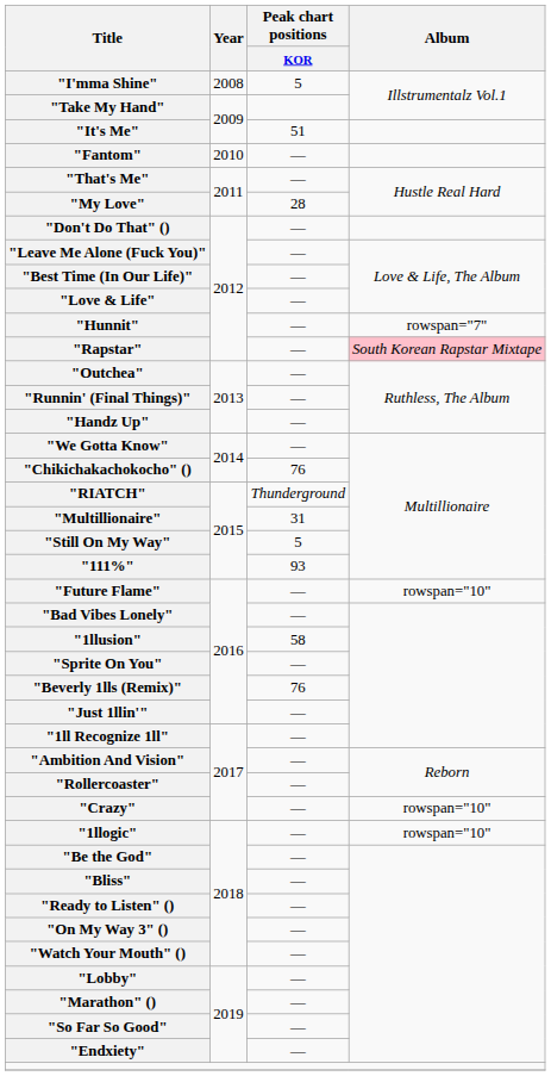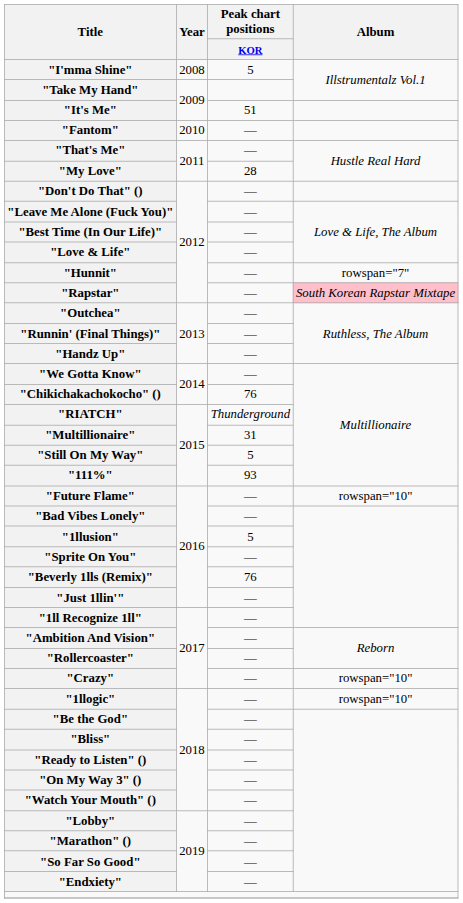 <table class="wikitable plainrowheaders" style="text-align:center">
 <tr>
 <th rowspan="2" scope="col">Title</th>
 <th rowspan="2" scope="col">Year</th>
 <th colspan="1" scope="col" style="width:5em;">Peak chart positions</th>
 <th rowspan="2" scope="col">Album</th>
 </tr>
 <tr>
 <th><small><a href='#'>KOR</a></small><br></th>
 </tr>
 <tr>
 <th scope="row">"I'mma Shine"<br></th>
 <td>2008</td>
 <td>5</td>
 <td rowspan="2"><em>Illstrumentalz Vol.1</em></td>
 </tr>
 <tr>
 <th scope="row">"Take My Hand"<br></th>
 <td rowspan="2">2009</td>
 </tr>
 <tr>
 <th scope="row">"It's Me"<br></th>
 <td>51</td>
 </tr>
 <tr>
 <th scope="row">"Fantom"<br></th>
 <td>2010</td>
 <td>—</td>
 <td></td>
 </tr>
 <tr>
 <th scope="row">"That's Me"<br></th>
 <td rowspan="2">2011</td>
 <td>—</td>
 <td rowspan="2"><em>Hustle Real Hard</em></td>
 </tr>
 <tr>
 <th scope="row">"My Love"<br></th>
 <td>28</td>
 </tr>
 <tr>
 <th scope="row">"Don't Do That" ()<br></th>
 <td rowspan="6">2012</td>
 <td>—</td>
 <td></td>
 </tr>
 <tr>
 <th scope="row">"Leave Me Alone (Fuck You)"</th>
 <td>—</td>
 <td rowspan="3"><em>Love & Life, The Album</em></td>
 </tr>
 <tr>
 <th scope="row">"Best Time (In Our Life)"</th>
 <td>—</td>
 </tr>
 <tr>
 <th scope="row">"Love & Life"<br></th>
 <td>—</td>
 </tr>
 <tr>
 <th scope="row">"Hunnit"<br></th>
 <td>—</td>
 <td>rowspan="7" </td>
 </tr>
 <tr>
 <th scope="row">"Rapstar"</th>
 <td>—</td>
 <td style="background: pink;"><em>South Korean Rapstar Mixtape</em></td>
 </tr>
 <tr>
 <th scope="row">"Outchea"</th>
 <td rowspan="3">2013</td>
 <td>—</td>
 <td rowspan="3"><em>Ruthless, The Album</em></td>
 </tr>
 <tr>
 <th scope="row">"Runnin' (Final Things)"</th>
 <td>—</td>
 </tr>
 <tr>
 <th scope="row">"Handz Up"<br></th>
 <td>—</td>
 </tr>
 <tr>
 <th scope="row">"We Gotta Know"</th>
 <td rowspan="2">2014</td>
 <td>—</td>
 <td rowspan="6"><em>Multillionaire</em></td>
 </tr>
 <tr>
 <th scope="row">"Chikichakachokocho" ()</th>
 <td>76</td>
 </tr>
 <tr>
 <th scope="row">"RIATCH"</th>
 <td rowspan="4">2015</td>
 <td><em>Thunderground</em></td>
 </tr>
 <tr>
 <th scope="row">"Multillionaire"</th>
 <td>31</td>
 </tr>
 <tr>
 <th scope="row">"Still On My Way"<br></th>
 <td>5</td>
 </tr>
 <tr>
 <th scope="row">"111%"</th>
 <td>93</td>
 </tr>
 <tr>
 <th scope="row">"Future Flame"</th>
 <td rowspan="6">2016</td>
 <td>—</td>
 <td>rowspan="10" </td>
 </tr>
 <tr>
 <th scope="row">"Bad Vibes Lonely"<br></th>
 <td>—</td>
 </tr>
 <tr>
 <th scope="row">"1llusion"</th>
-<td>58</td>
+<td>5</td>
 </tr>
 <tr>
 <th scope="row">"Sprite On You"</th>
 <td>—</td>
 </tr>
 <tr>
 <th scope="row">"Beverly 1lls (Remix)"<br></th>
 <td>76</td>
 </tr>
 <tr>
 <th scope="row">"Just 1llin'"</th>
 <td>—</td>
 </tr>
 <tr>
 <th scope="row">"1ll Recognize 1ll"</th>
 <td rowspan="4">2017</td>
 <td>—</td>
 </tr>
 <tr>
 <th scope="row">"Ambition And Vision"<br></th>
 <td>—</td>
 <td rowspan="2"><em>Reborn</em></td>
 </tr>
 <tr>
 <th scope="row">"Rollercoaster"<br></th>
 <td>—</td>
 </tr>
 <tr>
 <th scope="row">"Crazy"</th>
 <td>—</td>
 <td>rowspan="10" </td>
 </tr>
 <tr>
 <th scope="row">"1llogic"<br></th>
 <td rowspan="6">2018</td>
 <td>—</td>
 <td>rowspan="10" </td>
 </tr>
 <tr>
 <th scope="row">"Be the God"</th>
 <td>—</td>
 </tr>
 <tr>
 <th scope="row">"Bliss"<br></th>
 <td>—</td>
 </tr>
 <tr>
 <th scope="row">"Ready to Listen" ()<br></th>
 <td>—</td>
 </tr>
 <tr>
 <th scope="row">"On My Way 3" ()<br></th>
 <td>—</td>
 </tr>
 <tr>
 <th scope="row">"Watch Your Mouth" ()</th>
 <td>—</td>
 </tr>
 <tr>
 <th scope="row">"Lobby"</th>
 <td rowspan="4">2019</td>
 <td>—</td>
 </tr>
 <tr>
 <th scope="row">"Marathon" ()</th>
 <td>—</td>
 </tr>
 <tr>
 <th scope="row">"So Far So Good"<br></th>
 <td>—</td>
 </tr>
 <tr>
 <th scope="row">"Endxiety"<br></th>
 <td>—</td>
 </tr>
 <tr>
 <td colspan="4"></td>
 </tr>
 <tr>
 </tr>
 </table>
